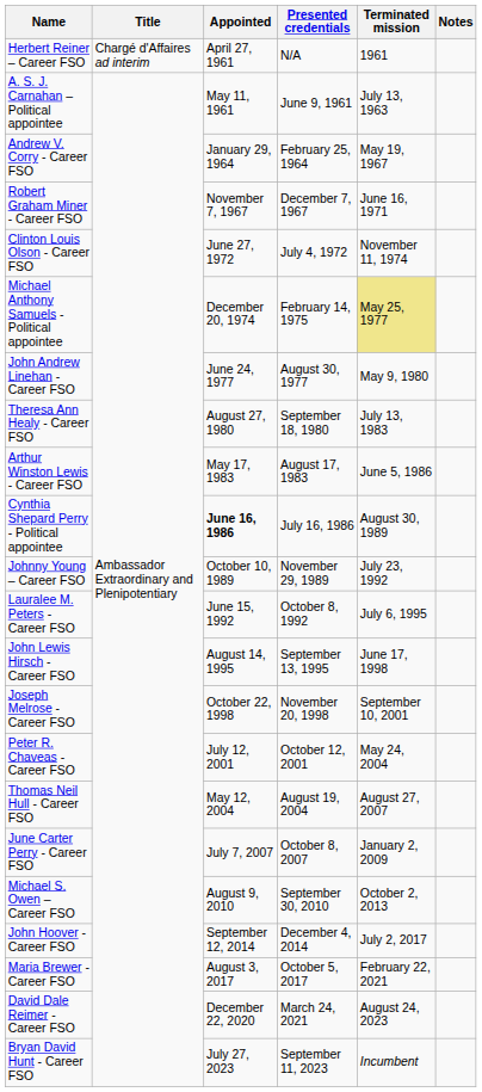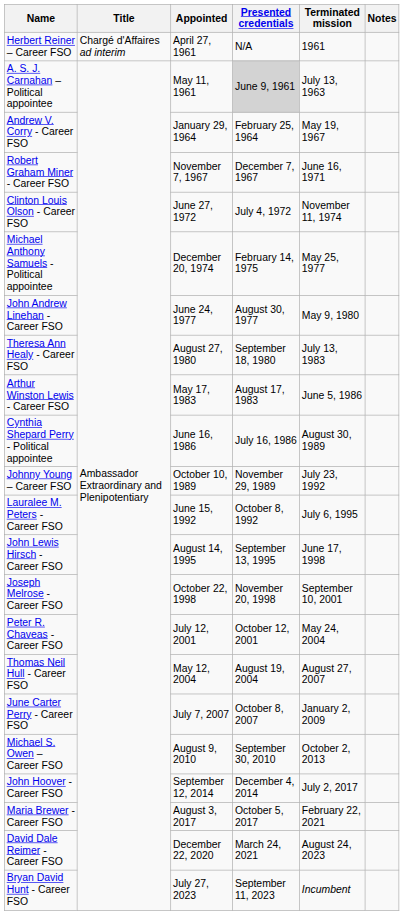 <table class="wikitable">
 <tr>
 <th>Name</th>
 <th>Title</th>
 <th>Appointed</th>
 <th><a href='#'>Presented credentials</a></th>
 <th>Terminated mission</th>
 <th>Notes</th>
 </tr>
 <tr>
 <td><a href='#'>Herbert Reiner</a> – Career FSO</td>
 <td>Chargé d'Affaires <em>ad interim</em></td>
 <td>April 27, 1961</td>
 <td>N/A</td>
 <td>1961</td>
 <td></td>
 </tr>
 <tr>
 <td><a href='#'>A. S. J. Carnahan</a> – Political appointee</td>
 <td rowspan="21">Ambassador Extraordinary and Plenipotentiary</td>
 <td>May 11, 1961</td>
-<td>June 9, 1961</td>
+<td style="background: lightgrey;">June 9, 1961</td>
 <td>July 13, 1963</td>
 <td></td>
 </tr>
 <tr>
 <td><a href='#'>Andrew V. Corry</a> - Career FSO</td>
 <td>January 29, 1964</td>
 <td>February 25, 1964</td>
 <td>May 19, 1967</td>
 <td></td>
 </tr>
 <tr>
 <td><a href='#'>Robert Graham Miner</a> - Career FSO</td>
 <td>November 7, 1967</td>
 <td>December 7, 1967</td>
 <td>June 16, 1971</td>
 <td></td>
 </tr>
 <tr>
 <td><a href='#'>Clinton Louis Olson</a> - Career FSO</td>
 <td>June 27, 1972</td>
 <td>July 4, 1972</td>
 <td>November 11, 1974</td>
 <td></td>
 </tr>
 <tr>
 <td><a href='#'>Michael Anthony Samuels</a> - Political appointee</td>
 <td>December 20, 1974</td>
 <td>February 14, 1975</td>
-<td style="background: khaki;">May 25, 1977</td>
+<td>May 25, 1977</td>
 <td></td>
 </tr>
 <tr>
 <td><a href='#'>John Andrew Linehan</a> - Career FSO</td>
 <td>June 24, 1977</td>
 <td>August 30, 1977</td>
 <td>May 9, 1980</td>
 <td></td>
 </tr>
 <tr>
 <td><a href='#'>Theresa Ann Healy</a> - Career FSO</td>
 <td>August 27, 1980</td>
 <td>September 18, 1980</td>
 <td>July 13, 1983</td>
 <td></td>
 </tr>
 <tr>
 <td><a href='#'>Arthur Winston Lewis</a> - Career FSO</td>
 <td>May 17, 1983</td>
 <td>August 17, 1983</td>
 <td>June 5, 1986</td>
 <td></td>
 </tr>
 <tr>
 <td><a href='#'>Cynthia Shepard Perry</a> - Political appointee</td>
-<td><strong>June 16, 1986</strong></td>
+<td>June 16, 1986</td>
 <td>July 16, 1986</td>
 <td>August 30, 1989</td>
 <td></td>
 </tr>
 <tr>
 <td><a href='#'>Johnny Young</a> – Career FSO</td>
 <td>October 10, 1989</td>
 <td>November 29, 1989</td>
 <td>July 23, 1992</td>
 <td></td>
 </tr>
 <tr>
 <td><a href='#'>Lauralee M. Peters</a> - Career FSO</td>
 <td>June 15, 1992</td>
 <td>October 8, 1992</td>
 <td>July 6, 1995</td>
 <td></td>
 </tr>
 <tr>
 <td><a href='#'>John Lewis Hirsch</a> - Career FSO</td>
 <td>August 14, 1995</td>
 <td>September 13, 1995</td>
 <td>June 17, 1998</td>
 <td></td>
 </tr>
 <tr>
 <td><a href='#'>Joseph Melrose</a> - Career FSO</td>
 <td>October 22, 1998</td>
 <td>November 20, 1998</td>
 <td>September 10, 2001</td>
 <td></td>
 </tr>
 <tr>
 <td><a href='#'>Peter R. Chaveas</a> - Career FSO</td>
 <td>July 12, 2001</td>
 <td>October 12, 2001</td>
 <td>May 24, 2004</td>
 <td></td>
 </tr>
 <tr>
 <td><a href='#'>Thomas Neil Hull</a> - Career FSO</td>
 <td>May 12, 2004</td>
 <td>August 19, 2004</td>
 <td>August 27, 2007</td>
 <td></td>
 </tr>
 <tr>
 <td><a href='#'>June Carter Perry</a> - Career FSO</td>
 <td>July 7, 2007</td>
 <td>October 8, 2007</td>
 <td>January 2, 2009</td>
 <td></td>
 </tr>
 <tr>
 <td><a href='#'>Michael S. Owen</a> – Career FSO</td>
 <td>August 9, 2010</td>
 <td>September 30, 2010</td>
 <td>October 2, 2013</td>
 <td></td>
 </tr>
 <tr>
 <td><a href='#'>John Hoover</a> - Career FSO</td>
 <td>September 12, 2014</td>
 <td>December 4, 2014</td>
 <td>July 2, 2017</td>
 <td></td>
 </tr>
 <tr>
 <td><a href='#'>Maria Brewer</a> - Career FSO</td>
 <td>August 3, 2017</td>
 <td>October 5, 2017</td>
 <td>February 22, 2021</td>
 <td></td>
 </tr>
 <tr>
 <td><a href='#'>David Dale Reimer</a> - Career FSO</td>
 <td>December 22, 2020</td>
 <td>March 24, 2021</td>
 <td>August 24, 2023</td>
 <td></td>
 </tr>
 <tr>
 <td><a href='#'>Bryan David Hunt</a> - Career FSO</td>
 <td>July 27, 2023</td>
 <td>September 11, 2023</td>
 <td><em>Incumbent</em></td>
 <td></td>
 </tr>
 </table>
